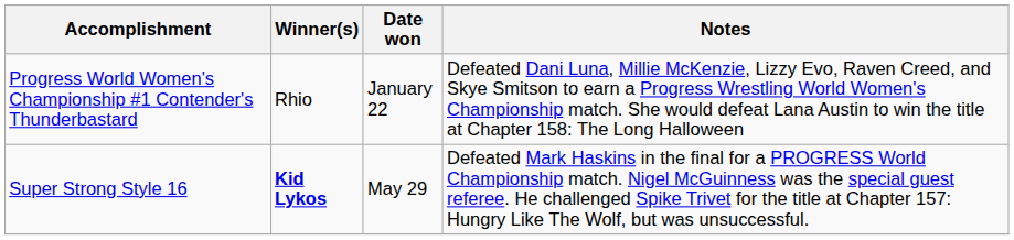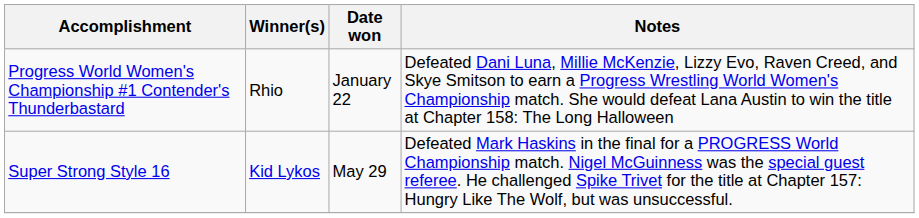 <table class="wikitable" style="width:100%;">
 <tr>
 <th>Accomplishment</th>
 <th>Winner(s)</th>
 <th>Date won</th>
 <th>Notes</th>
 </tr>
 <tr>
 <td><a href='#'>Progress World Women's Championship #1 Contender's Thunderbastard</a></td>
 <td>Rhio</td>
 <td>January 22</td>
 <td>Defeated <a href='#'>Dani Luna</a>, <a href='#'>Millie McKenzie</a>, Lizzy Evo, Raven Creed, and Skye Smitson to earn a <a href='#'>Progress Wrestling World Women's Championship</a> match. She would defeat Lana Austin to win the title at Chapter 158: The Long Halloween</td>
 </tr>
 <tr>
 <td><a href='#'>Super Strong Style 16</a></td>
-<td><strong><a href='#'>Kid Lykos</a></strong></td>
+<td><a href='#'>Kid Lykos</a></td>
 <td>May 29</td>
 <td>Defeated <a href='#'>Mark Haskins</a> in the final for a <a href='#'>PROGRESS World Championship</a> match. <a href='#'>Nigel McGuinness</a> was the <a href='#'>special guest referee</a>. He challenged <a href='#'>Spike Trivet</a> for the title at Chapter 157: Hungry Like The Wolf, but was unsuccessful.</td>
 </tr>
 <tr>
 </tr>
 </table>
